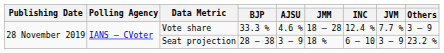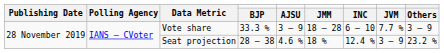 <table class="wikitable">
 <tr>
 <th rowspan="2">Publishing Date</th>
 <th rowspan="2">Polling Agency</th>
 <th rowspan="2">Data Metric</th>
 <td></td>
 <td></td>
 <td></td>
 <td></td>
 <td></td>
 <th></th>
 </tr>
 <tr>
 <th>BJP</th>
 <th>AJSU</th>
 <th>JMM</th>
 <th>INC</th>
 <th>JVM</th>
 <th>Others</th>
 </tr>
 <tr>
 <td rowspan="2">28 November 2019</td>
 <td rowspan="2"><a href='#'>IANS – CVoter</a></td>
 <td>Vote share</td>
 <td>33.3 %</td>
-<td>4.6 %</td>
+<td>3 – 9</td>
 <td>18 – 28</td>
-<td>12.4 %</td>
+<td>6 – 10</td>
 <td>7.7 %</td>
 <td>3 – 9</td>
 </tr>
 <tr>
 <td>Seat projection</td>
 <td>28 – 38</td>
-<td>3 – 9</td>
+<td>4.6 %</td>
 <td>18 %</td>
-<td>6 – 10</td>
+<td>12.4 %</td>
 <td>3 – 9</td>
 <td>23.2 %</td>
 </tr>
 </table>
